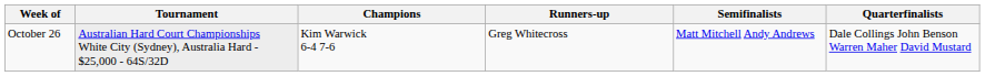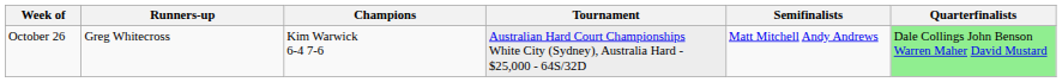 <table class="wikitable" style="font-size:85%;">
 <tr>
 <th width="75">Week of</th>
+<th width="210">Runners-up</th>
+<th width="210">Champions</th>
 <th width="250">Tournament</th>
-<th width="210">Champions</th>
-<th width="210">Runners-up</th>
 <th width="170">Semifinalists</th>
 <th width="170">Quarterfinalists</th>
 </tr>
 <tr valign="top">
 <td rowspan="1">October 26</td>
+<td> Greg Whitecross</td>
+<td> Kim Warwick<br>6-4 7-6</td>
 <td bgcolor="#ededed"><a href='#'>Australian Hard Court Championships</a><br>White City (Sydney), Australia Hard - $25,000 - 64S/32D</td>
-<td> Kim Warwick<br>6-4 7-6</td>
-<td> Greg Whitecross</td>
 <td> <a href='#'>Matt Mitchell</a>     <a href='#'>Andy Andrews</a></td>
-<td> Dale Collings      John Benson      <a href='#'>Warren Maher</a>    <a href='#'>David Mustard</a></td>
+<td style="background: lightgreen;"> Dale Collings      John Benson      <a href='#'>Warren Maher</a>    <a href='#'>David Mustard</a></td>
 </tr>
 </table>
